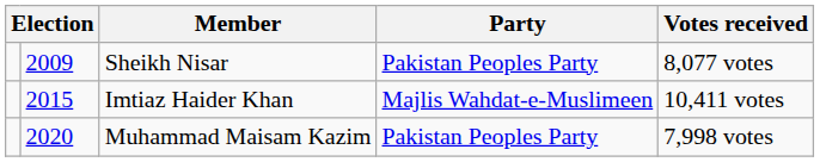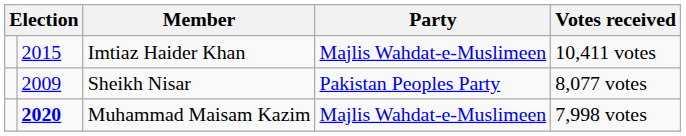 <table class="wikitable">
 <tr>
 <th colspan="2">Election</th>
 <th>Member</th>
 <th>Party</th>
 <th>Votes received</th>
+</tr>
+<tr>
+<td style="background-color: "></td>
+<td><a href='#'>2015</a></td>
+<td>Imtiaz Haider Khan</td>
+<td><a href='#'>Majlis Wahdat-e-Muslimeen</a></td>
+<td>10,411 votes</td>
 </tr>
 <tr>
 <td style="background-color: "></td>
 <td><a href='#'>2009</a></td>
 <td>Sheikh Nisar</td>
 <td><a href='#'>Pakistan Peoples Party</a></td>
 <td>8,077 votes</td>
 </tr>
 <tr>
 <td style="background-color: "></td>
-<td><a href='#'>2015</a></td>
-<td>Imtiaz Haider Khan</td>
+<td><strong><a href='#'>2020</a></strong></td>
+<td>Muhammad Maisam Kazim</td>
 <td><a href='#'>Majlis Wahdat-e-Muslimeen</a></td>
-<td>10,411 votes</td>
-</tr>
-<tr>
-<td style="background-color: "></td>
-<td><a href='#'>2020</a></td>
-<td>Muhammad Maisam Kazim</td>
-<td><a href='#'>Pakistan Peoples Party</a></td>
 <td>7,998 votes</td>
 </tr>
 </table>
